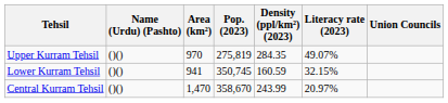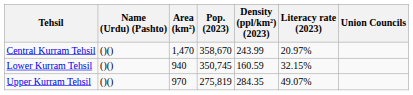 <table class="wikitable sortable static-row-numbers static-row-header-hash">
 <tr>
 <th>Tehsil</th>
 <th>Name<br>(Urdu) (Pashto)</th>
 <th>Area<br>(km²)</th>
 <th>Pop.<br>(2023)</th>
 <th>Density<br>(ppl/km²)<br>(2023)</th>
 <th>Literacy rate<br>(2023)</th>
 <th>Union Councils</th>
 </tr>
 <tr>
+<td><a href='#'>Central Kurram Tehsil</a></td>
+<td>()()</td>
+<td>1,470</td>
+<td>358,670</td>
+<td>243.99</td>
+<td>20.97%</td>
+<td></td>
+</tr>
+<tr>
+<td><a href='#'>Lower Kurram Tehsil</a></td>
+<td>()()</td>
+<td>940</td>
+<td>350,745</td>
+<td>160.59</td>
+<td>32.15%</td>
+<td></td>
+</tr>
+<tr>
 <td><a href='#'>Upper Kurram Tehsil</a></td>
 <td>()()</td>
 <td>970</td>
 <td>275,819</td>
 <td>284.35</td>
 <td>49.07%</td>
 <td></td>
 </tr>
-<tr>
-<td><a href='#'>Lower Kurram Tehsil</a></td>
-<td>()()</td>
-<td>941</td>
-<td>350,745</td>
-<td>160.59</td>
-<td>32.15%</td>
-<td></td>
-</tr>
-<tr>
-<td><a href='#'>Central Kurram Tehsil</a></td>
-<td>()()</td>
-<td>1,470</td>
-<td>358,670</td>
-<td>243.99</td>
-<td>20.97%</td>
-<td></td>
-</tr>
 </table>
